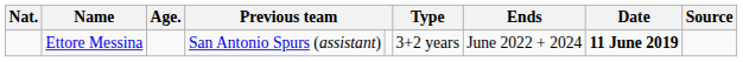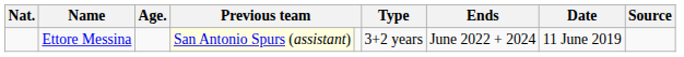 <table class="wikitable sortable">
 <tr>
 <th>Nat.</th>
 <th>Name</th>
 <th>Age.</th>
 <th colspan=2>Previous team</th>
 <th>Type</th>
 <th>Ends</th>
 <th>Date</th>
 <th>Source</th>
 </tr>
 <tr>
 <td style="text-align:center"></td>
 <td><a href='#'>Ettore Messina</a></td>
 <td style="text-align:center"></td>
-<td><a href='#'>San Antonio Spurs</a> (<em>assistant</em>)</td>
+<td style="background: lightyellow;"><a href='#'>San Antonio Spurs</a> (<em>assistant</em>)</td>
 <td style="text-align:center"></td>
 <td style="text-align:center">3+2 years</td>
 <td style="text-align:center">June 2022 + 2024</td>
-<td style="text-align:center"><strong>11 June 2019</strong></td>
+<td style="text-align:center">11 June 2019</td>
 <td style="text-align:center"></td>
 </tr>
 </table>
